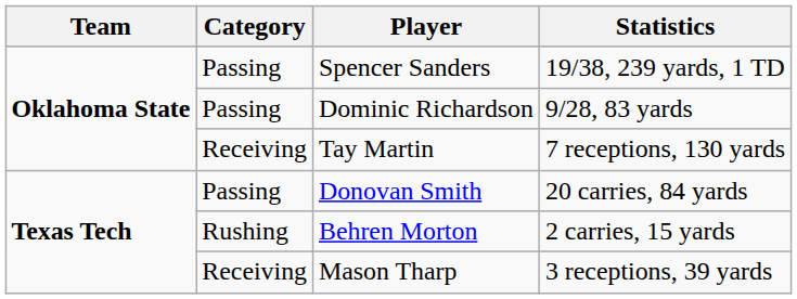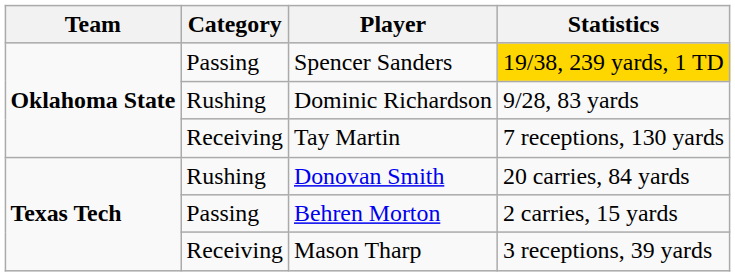 <table class="wikitable" style="float: right;">
 <tr>
 <th>Team</th>
 <th>Category</th>
 <th>Player</th>
 <th>Statistics</th>
 </tr>
 <tr>
 <td rowspan=3><strong>Oklahoma State</strong></td>
 <td>Passing</td>
 <td>Spencer Sanders</td>
-<td>19/38, 239 yards, 1 TD</td>
+<td style="background: gold;">19/38, 239 yards, 1 TD</td>
 </tr>
 <tr>
-<td>Passing</td>
+<td>Rushing</td>
 <td>Dominic Richardson</td>
 <td>9/28, 83 yards</td>
 </tr>
 <tr>
 <td>Receiving</td>
 <td>Tay Martin</td>
 <td>7 receptions, 130 yards</td>
 </tr>
 <tr>
 <td rowspan=3><strong>Texas Tech</strong></td>
-<td>Passing</td>
+<td>Rushing</td>
 <td><a href='#'>Donovan Smith</a></td>
 <td>20 carries, 84 yards</td>
 </tr>
 <tr>
-<td>Rushing</td>
+<td>Passing</td>
 <td><a href='#'>Behren Morton</a></td>
 <td>2 carries, 15 yards</td>
 </tr>
 <tr>
 <td>Receiving</td>
 <td>Mason Tharp</td>
 <td>3 receptions, 39 yards</td>
 </tr>
 </table>
